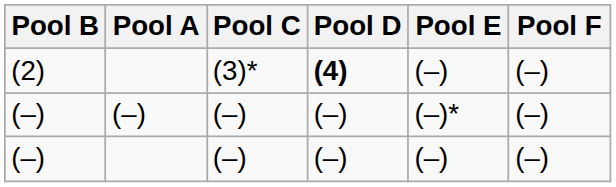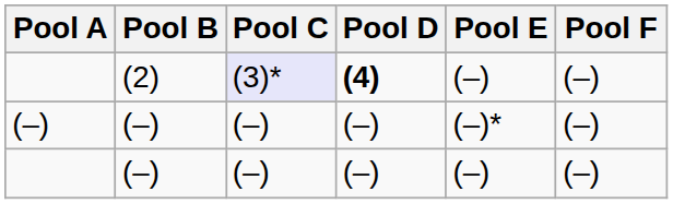 <table class="wikitable">
 <tr>
+<th width=16.6%>Pool A</th>
 <th width=16.6%>Pool B</th>
-<th width=16.6%>Pool A</th>
 <th width=16.6%>Pool C</th>
 <th width=16.6%>Pool D</th>
 <th width=16.6%>Pool E</th>
 <th width=16.6%>Pool F</th>
 </tr>
 <tr>
+<td></td>
 <td> (2)</td>
-<td></td>
-<td> (3)*</td>
+<td style="background: lavender;"> (3)*</td>
 <td><strong> (4)</strong></td>
 <td> (–)</td>
 <td> (–)</td>
 </tr>
 <tr>
 <td> (–)</td>
 <td> (–)</td>
 <td> (–)</td>
 <td> (–)</td>
 <td> (–)*</td>
 <td> (–)</td>
 </tr>
 <tr>
+<td></td>
 <td> (–)</td>
-<td></td>
 <td> (–)</td>
 <td> (–)</td>
 <td> (–)</td>
 <td> (–)</td>
 </tr>
 </table>
